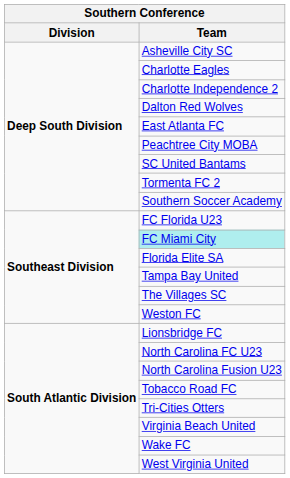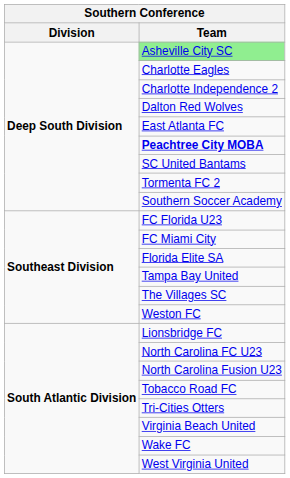 <table class="wikitable" style="text-align:left">
 <tr>
 <th colspan=3>Southern Conference</th>
 </tr>
 <tr>
 <th>Division</th>
 <th>Team</th>
 </tr>
 <tr>
 <td rowspan=9><strong>Deep South Division</strong></td>
-<td><a href='#'>Asheville City SC</a></td>
+<td style="background: lightgreen;"><a href='#'>Asheville City SC</a></td>
 </tr>
 <tr>
 <td><a href='#'>Charlotte Eagles</a></td>
 </tr>
 <tr>
 <td><a href='#'>Charlotte Independence 2</a></td>
 </tr>
 <tr>
 <td><a href='#'>Dalton Red Wolves</a></td>
 </tr>
 <tr>
 <td><a href='#'>East Atlanta FC</a></td>
 </tr>
 <tr>
-<td><a href='#'>Peachtree City MOBA</a></td>
+<td><strong><a href='#'>Peachtree City MOBA</a></strong></td>
 </tr>
 <tr>
 <td><a href='#'>SC United Bantams</a></td>
 </tr>
 <tr>
 <td><a href='#'>Tormenta FC 2</a></td>
 </tr>
 <tr>
 <td><a href='#'>Southern Soccer Academy</a></td>
 </tr>
 <tr>
 <td rowspan=6><strong>Southeast Division</strong></td>
 <td><a href='#'>FC Florida U23</a></td>
 </tr>
 <tr>
-<td style="background: paleturquoise;"><a href='#'>FC Miami City</a></td>
+<td><a href='#'>FC Miami City</a></td>
 </tr>
 <tr>
 <td><a href='#'>Florida Elite SA</a></td>
 </tr>
 <tr>
 <td><a href='#'>Tampa Bay United</a></td>
 </tr>
 <tr>
 <td><a href='#'>The Villages SC</a></td>
 </tr>
 <tr>
 <td><a href='#'>Weston FC</a></td>
 </tr>
 <tr>
 <td rowspan=8><strong>South Atlantic Division</strong></td>
 <td><a href='#'>Lionsbridge FC</a></td>
 </tr>
 <tr>
 <td><a href='#'>North Carolina FC U23</a></td>
 </tr>
 <tr>
 <td><a href='#'>North Carolina Fusion U23</a></td>
 </tr>
 <tr>
 <td><a href='#'>Tobacco Road FC</a></td>
 </tr>
 <tr>
 <td><a href='#'>Tri-Cities Otters</a></td>
 </tr>
 <tr>
 <td><a href='#'>Virginia Beach United</a></td>
 </tr>
 <tr>
 <td><a href='#'>Wake FC</a></td>
 </tr>
 <tr>
 <td><a href='#'>West Virginia United</a></td>
 </tr>
 </table>
